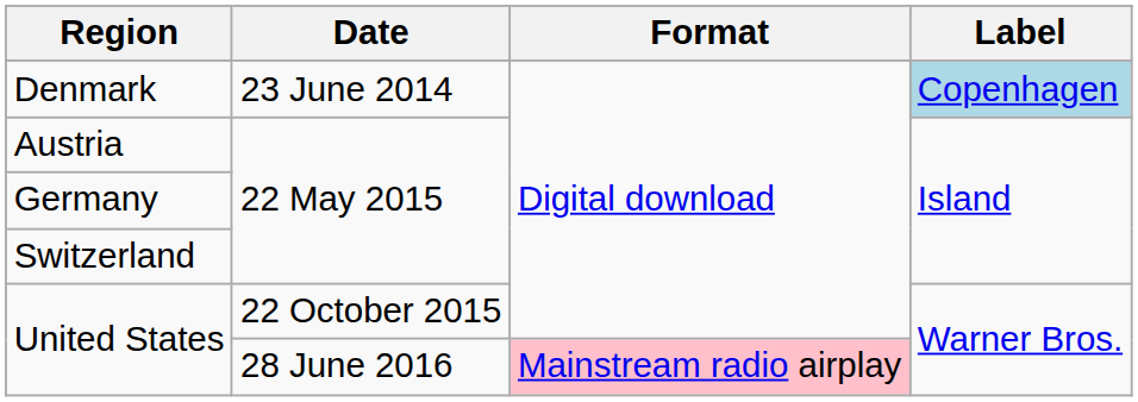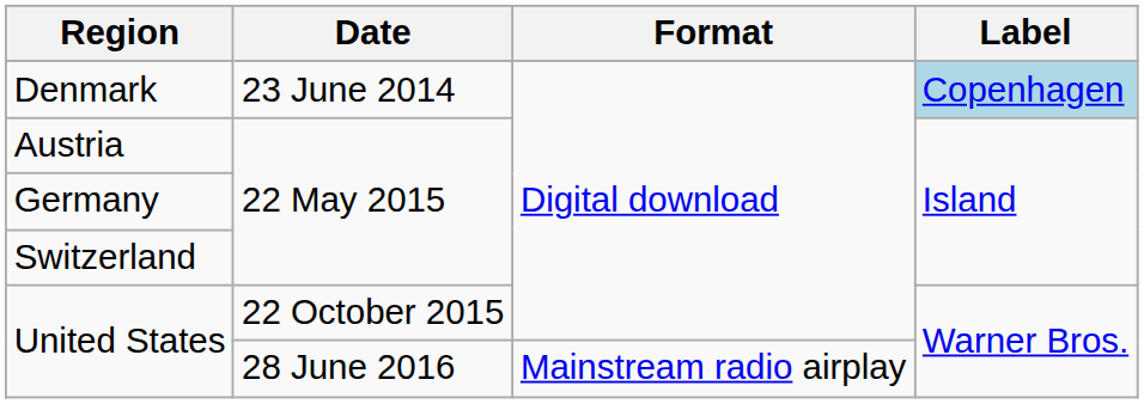 <table class=wikitable>
 <tr>
 <th>Region</th>
 <th>Date</th>
 <th>Format</th>
 <th>Label</th>
 </tr>
 <tr>
 <td>Denmark</td>
 <td>23 June 2014</td>
 <td rowspan="5"><a href='#'>Digital download</a></td>
 <td style="background: lightblue;"><a href='#'>Copenhagen</a></td>
 </tr>
 <tr>
 <td>Austria</td>
 <td rowspan="3">22 May 2015</td>
 <td rowspan="3"><a href='#'>Island</a></td>
 </tr>
 <tr>
 <td>Germany</td>
 </tr>
 <tr>
 <td>Switzerland</td>
 </tr>
 <tr>
 <td rowspan="2">United States</td>
 <td>22 October 2015<br></td>
 <td rowspan="2"><a href='#'>Warner Bros.</a></td>
 </tr>
 <tr>
 <td>28 June 2016</td>
-<td style="background: pink;"><a href='#'>Mainstream radio</a> airplay</td>
+<td><a href='#'>Mainstream radio</a> airplay</td>
 </tr>
 </table>
